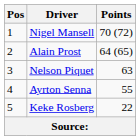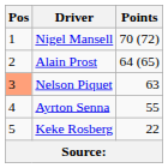 <table class="wikitable" style="font-size: 95%;">
 <tr>
 <th>Pos</th>
 <th>Driver</th>
 <th>Points</th>
 </tr>
 <tr>
 <td>1</td>
 <td> <a href='#'>Nigel Mansell</a></td>
 <td align="right">70 (72)</td>
 </tr>
 <tr>
 <td>2</td>
 <td> <a href='#'>Alain Prost</a></td>
 <td align="right">64 (65)</td>
 </tr>
 <tr>
-<td>3</td>
+<td style="background: lightsalmon;">3</td>
 <td> <a href='#'>Nelson Piquet</a></td>
 <td align="right">63</td>
 </tr>
 <tr>
 <td>4</td>
 <td> <a href='#'>Ayrton Senna</a></td>
 <td align="right">55</td>
 </tr>
 <tr>
 <td>5</td>
 <td> <a href='#'>Keke Rosberg</a></td>
 <td align="right">22</td>
 </tr>
 <tr>
 <th colspan=4>Source: </th>
 </tr>
 </table>
